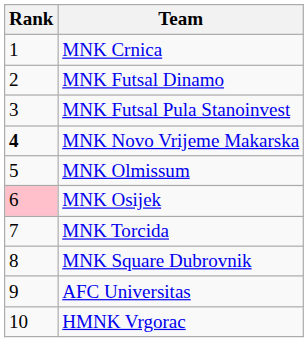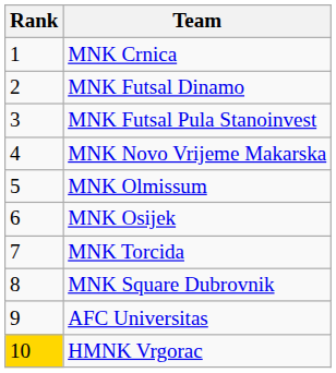 <table class="wikitable">
 <tr>
 <th>Rank</th>
 <th>Team</th>
 </tr>
 <tr>
 <td>1</td>
 <td><a href='#'>MNK Crnica</a></td>
 </tr>
 <tr>
 <td>2</td>
 <td><a href='#'>MNK Futsal Dinamo</a></td>
 </tr>
 <tr>
 <td>3</td>
 <td><a href='#'>MNK Futsal Pula Stanoinvest</a></td>
 </tr>
 <tr>
-<td><strong>4</strong></td>
+<td>4</td>
 <td><a href='#'>MNK Novo Vrijeme Makarska</a></td>
 </tr>
 <tr>
 <td>5</td>
 <td><a href='#'>MNK Olmissum</a></td>
 </tr>
 <tr>
-<td style="background: pink;">6</td>
+<td>6</td>
 <td><a href='#'>MNK Osijek</a></td>
 </tr>
 <tr>
 <td>7</td>
 <td><a href='#'>MNK Torcida</a></td>
 </tr>
 <tr>
 <td>8</td>
 <td><a href='#'>MNK Square Dubrovnik</a></td>
 </tr>
 <tr>
 <td>9</td>
 <td><a href='#'>AFC Universitas</a></td>
 </tr>
 <tr>
-<td>10</td>
+<td style="background: gold;">10</td>
 <td><a href='#'>HMNK Vrgorac</a></td>
 </tr>
 </table>
